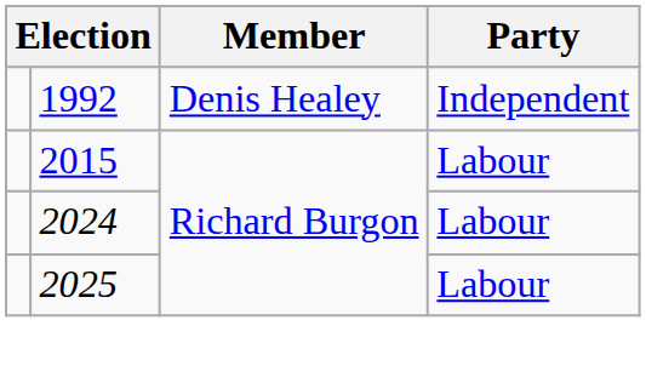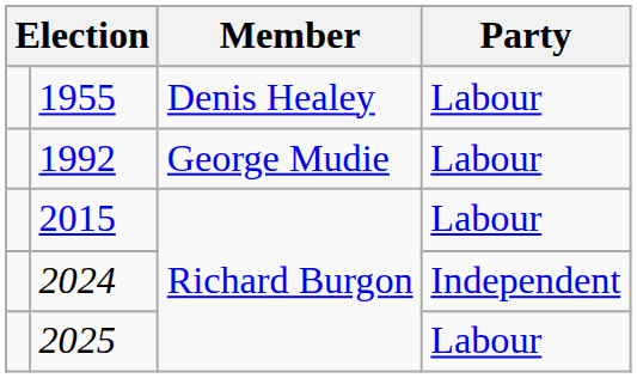 <table class="wikitable">
 <tr>
 <th colspan="2">Election</th>
 <th>Member</th>
 <th>Party</th>
 </tr>
 <tr>
 <td style="color:inherit;background-color: "></td>
+<td><a href='#'>1955</a></td>
+<td><a href='#'>Denis Healey</a></td>
+<td><a href='#'>Labour</a></td>
+</tr>
+<tr>
+<td style="color:inherit;background-color: "></td>
 <td><a href='#'>1992</a></td>
-<td><a href='#'>Denis Healey</a></td>
-<td><a href='#'>Independent</a></td>
+<td><a href='#'>George Mudie</a></td>
+<td><a href='#'>Labour</a></td>
 </tr>
 <tr>
 <td style="color:inherit;background-color: "></td>
 <td><a href='#'>2015</a></td>
 <td rowspan="3"><a href='#'>Richard Burgon</a></td>
 <td><a href='#'>Labour</a></td>
 </tr>
 <tr>
 <td style="color:inherit;background-color: "></td>
 <td><em>2024</em></td>
-<td><a href='#'>Labour</a></td>
+<td><a href='#'>Independent</a></td>
 </tr>
 <tr>
 <td style="color:inherit;background-color: "></td>
 <td><em>2025</em></td>
 <td><a href='#'>Labour</a></td>
 </tr>
 </table>
